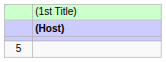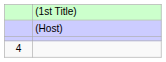 <table class="wikitable" width="250px">
 <tr bgcolor=#ccffcc>
 <td align=center></td>
 <td> (1st Title)</td>
 </tr>
 <tr bgcolor=#ccccff>
 <td align=center></td>
-<td><strong> (Host)</strong></td>
+<td> (Host)</td>
 </tr>
 <tr bgcolor=#ccccff>
 <td align=center></td>
 <td></td>
 </tr>
 <tr>
-<td align=center>5</td>
+<td align=center>4</td>
 <td></td>
 </tr>
 </table>
